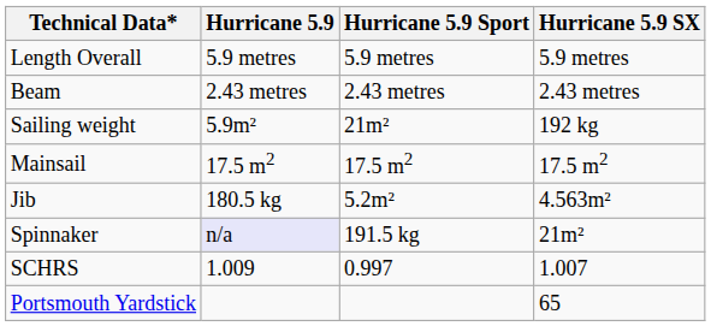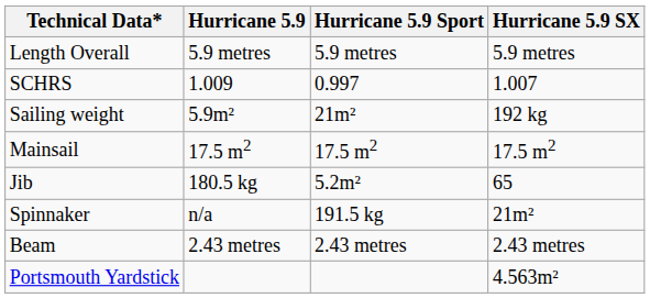 <table class="wikitable" style="display: inline-table;">
 <tr>
 <th>Technical Data*</th>
 <th>Hurricane 5.9</th>
 <th>Hurricane 5.9 Sport</th>
 <th>Hurricane 5.9 SX</th>
 </tr>
 <tr>
 <td>Length Overall</td>
 <td>5.9 metres</td>
 <td>5.9 metres</td>
 <td>5.9 metres</td>
 </tr>
 <tr>
-<td>Beam</td>
-<td>2.43 metres</td>
-<td>2.43 metres</td>
-<td>2.43 metres</td>
+<td>SCHRS</td>
+<td>1.009</td>
+<td>0.997</td>
+<td>1.007</td>
 </tr>
 <tr>
 <td>Sailing weight</td>
 <td>5.9m²</td>
 <td>21m²</td>
 <td>192 kg</td>
 </tr>
 <tr>
 <td>Mainsail</td>
 <td>17.5 m<sup>2</sup></td>
 <td>17.5 m<sup>2</sup></td>
 <td>17.5 m<sup>2</sup></td>
 </tr>
 <tr>
 <td>Jib</td>
 <td>180.5 kg</td>
 <td>5.2m²</td>
-<td>4.563m²</td>
+<td>65</td>
 </tr>
 <tr>
 <td>Spinnaker</td>
-<td style="background: lavender;">n/a</td>
+<td>n/a</td>
 <td>191.5 kg</td>
 <td>21m²</td>
 </tr>
 <tr>
-<td>SCHRS</td>
-<td>1.009</td>
-<td>0.997</td>
-<td>1.007</td>
+<td>Beam</td>
+<td>2.43 metres</td>
+<td>2.43 metres</td>
+<td>2.43 metres</td>
 </tr>
 <tr>
 <td><a href='#'>Portsmouth Yardstick</a></td>
 <td></td>
 <td></td>
-<td>65</td>
+<td>4.563m²</td>
 </tr>
 </table>
